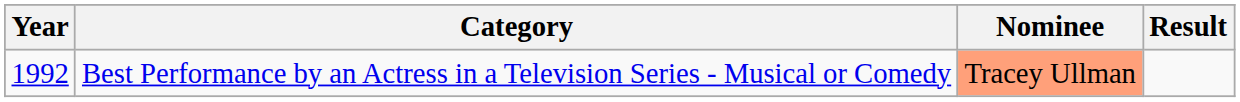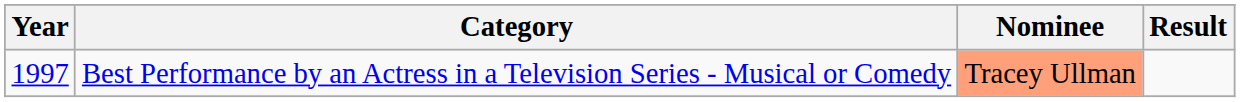 <table class="wikitable">
 <tr>
 <th>Year</th>
 <th>Category</th>
 <th>Nominee</th>
 <th>Result</th>
 </tr>
 <tr>
-<td><a href='#'>1992</a></td>
+<td><a href='#'>1997</a></td>
 <td><a href='#'>Best Performance by an Actress in a Television Series - Musical or Comedy</a></td>
 <td style="background: lightsalmon;">Tracey Ullman</td>
 <td></td>
 </tr>
 </table>
